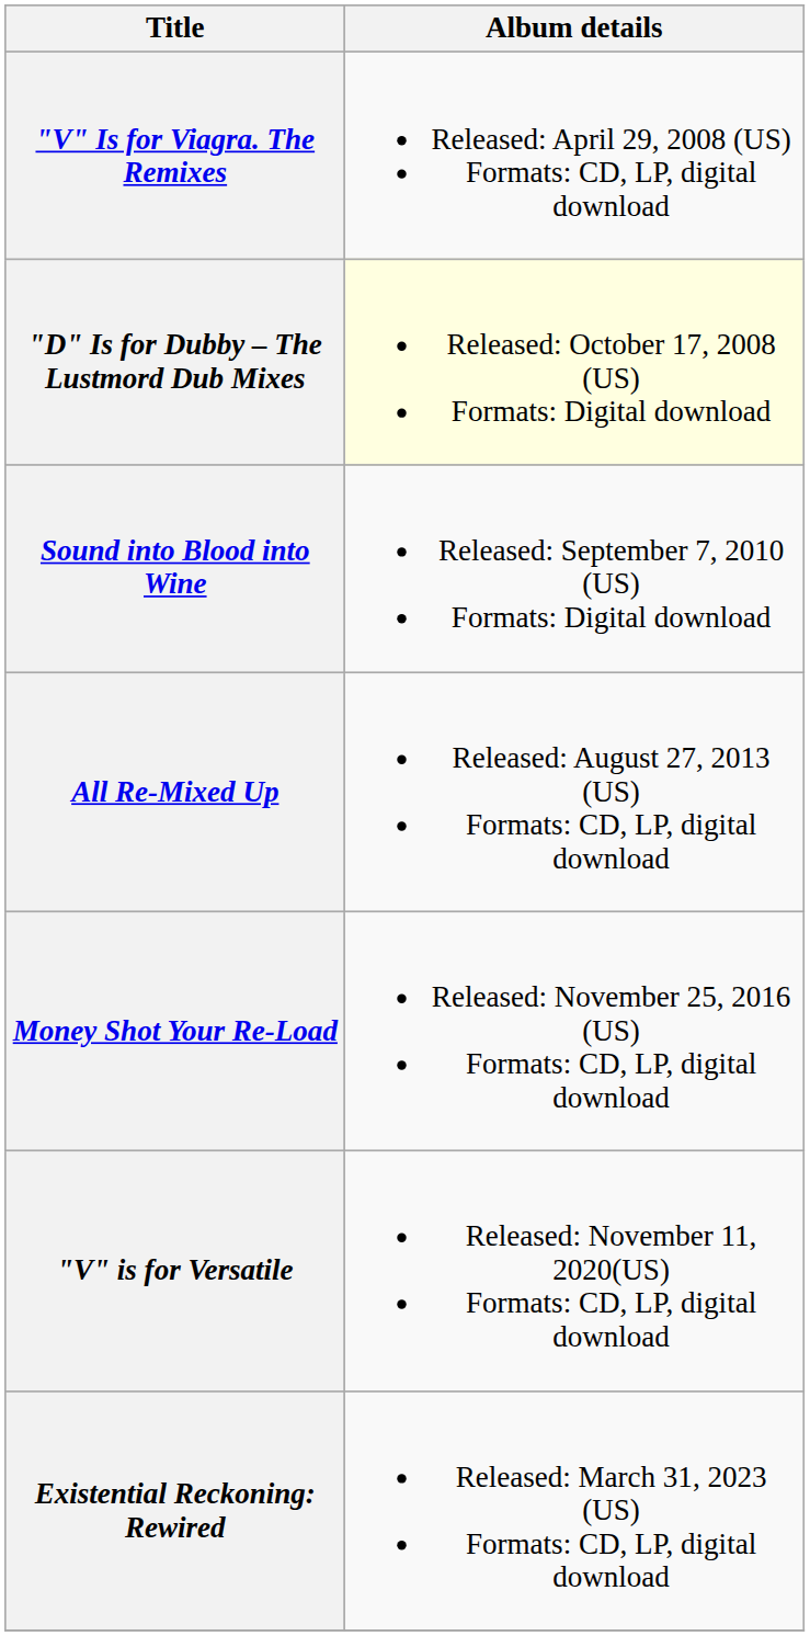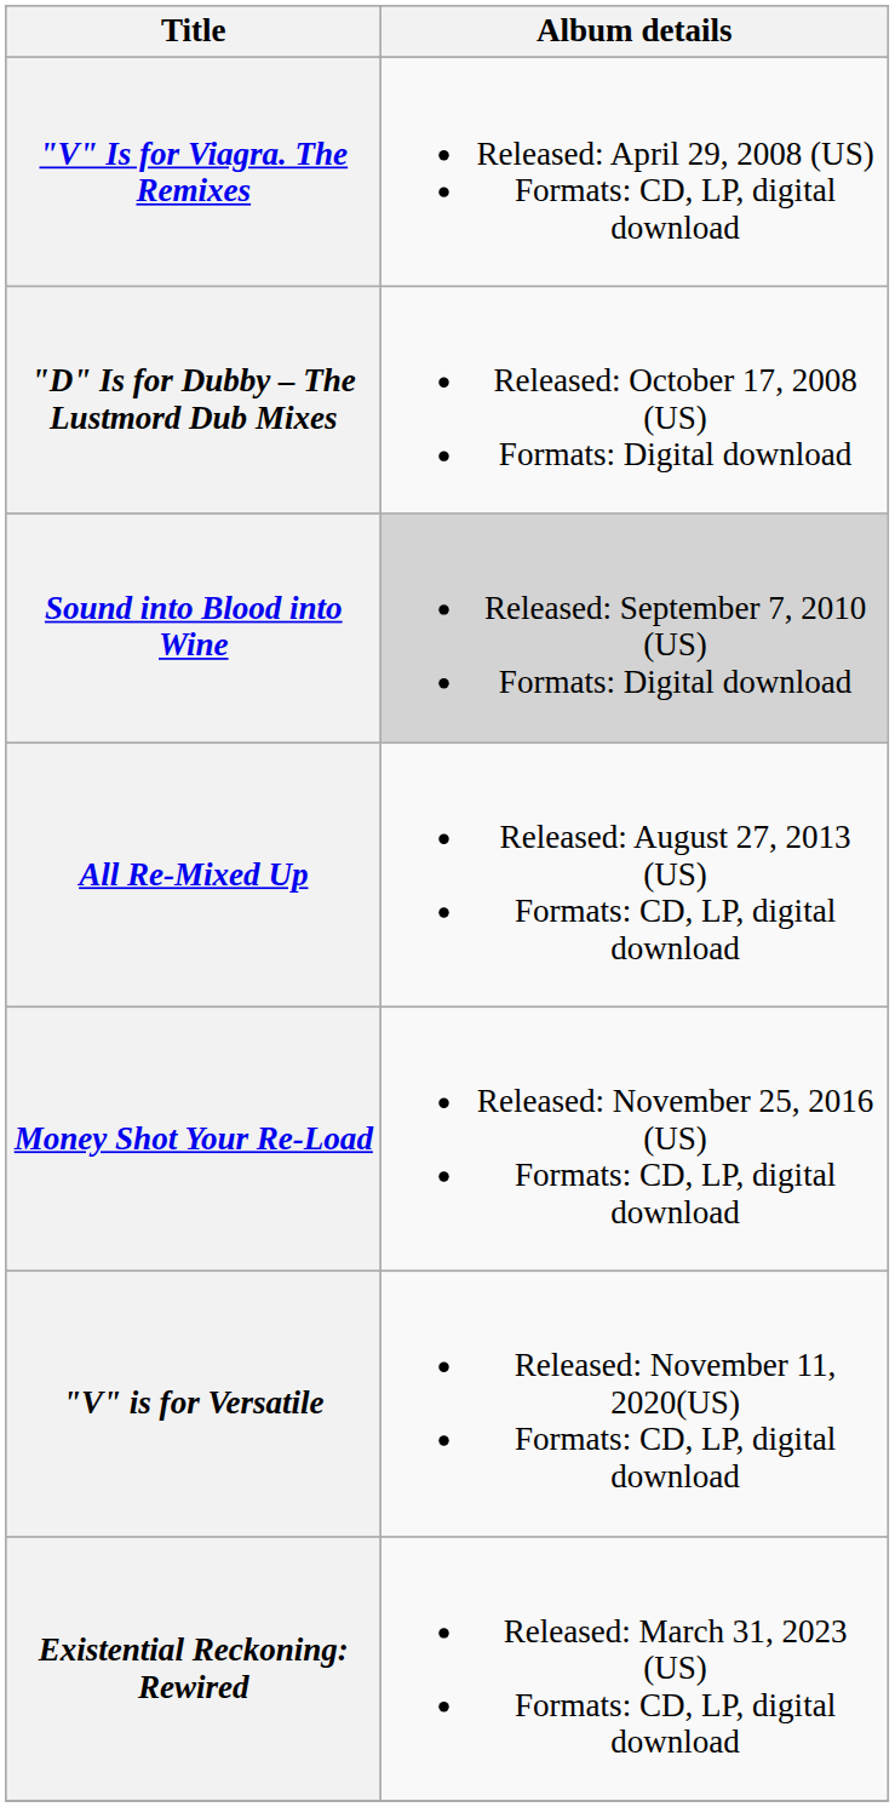 <table class="wikitable plainrowheaders" style="text-align:center;">
 <tr>
 <th scope="col" rowspan="1" style="width:11em;">Title</th>
 <th scope="col" rowspan="1" style="width:15em;">Album details</th>
 </tr>
 <tr>
 <th scope="row"><em><a href='#'>"V" Is for Viagra. The Remixes</a></em></th>
 <td><br><ul><li>Released: April 29, 2008 <span>(US)</span></li><li>Formats: CD, LP, digital download</li></ul></td>
 </tr>
 <tr>
 <th scope="row"><em>"D" Is for Dubby – The Lustmord Dub Mixes</em></th>
-<td style="background: lightyellow;"><br><ul><li>Released: October 17, 2008 <span>(US)</span></li><li>Formats: Digital download</li></ul></td>
+<td><br><ul><li>Released: October 17, 2008 <span>(US)</span></li><li>Formats: Digital download</li></ul></td>
 </tr>
 <tr>
 <th scope="row"><em><a href='#'>Sound into Blood into Wine</a></em></th>
-<td><br><ul><li>Released: September 7, 2010 <span>(US)</span></li><li>Formats: Digital download</li></ul></td>
+<td style="background: lightgrey;"><br><ul><li>Released: September 7, 2010 <span>(US)</span></li><li>Formats: Digital download</li></ul></td>
 </tr>
 <tr>
 <th scope="row"><em><a href='#'>All Re-Mixed Up</a></em></th>
 <td><br><ul><li>Released: August 27, 2013 <span>(US)</span></li><li>Formats: CD, LP, digital download</li></ul></td>
 </tr>
 <tr>
 <th scope="row"><em><a href='#'>Money Shot Your Re-Load</a></em></th>
 <td><br><ul><li>Released: November 25, 2016 <span>(US)</span></li><li>Formats: CD, LP, digital download</li></ul></td>
 </tr>
 <tr>
 <th scope="row"><em>"V" is for Versatile</em></th>
 <td><br><ul><li>Released: November 11, 2020<span>(US)</span></li><li>Formats: CD, LP, digital download</li></ul></td>
 </tr>
 <tr>
 <th scope="row"><em>Existential Reckoning: Rewired</em></th>
 <td><br><ul><li>Released: March 31, 2023 <span>(US)</span></li><li>Formats: CD, LP, digital download</li></ul></td>
 </tr>
 <tr>
 </tr>
 </table>
